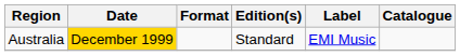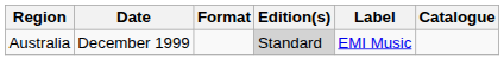 <table class="wikitable plainrowheaders">
 <tr>
 <th scope="col">Region</th>
 <th scope="col">Date</th>
 <th scope="col">Format</th>
 <th scope="col">Edition(s)</th>
 <th scope="col">Label</th>
 <th scope="col">Catalogue</th>
 </tr>
 <tr>
 <td>Australia</td>
-<td style="background: gold;">December 1999</td>
+<td>December 1999</td>
 <td></td>
-<td>Standard</td>
+<td style="background: lightgrey;">Standard</td>
 <td><a href='#'>EMI Music</a></td>
 <td></td>
 </tr>
 <tr>
 </tr>
 </table>
